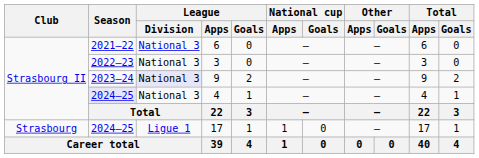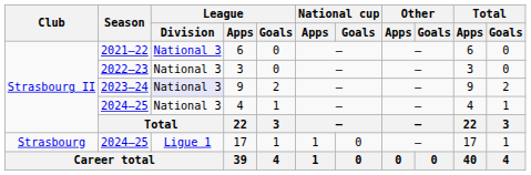 <table class="wikitable" style="text-align: center">
 <tr>
 <th rowspan="2">Club</th>
 <th rowspan="2">Season</th>
 <th colspan="3">League</th>
 <th colspan="2">National cup</th>
 <th colspan="2">Other</th>
 <th colspan="2">Total</th>
 </tr>
 <tr>
 <th>Division</th>
 <th>Apps</th>
 <th>Goals</th>
 <th>Apps</th>
 <th>Goals</th>
 <th>Apps</th>
 <th>Goals</th>
 <th>Apps</th>
 <th>Goals</th>
 </tr>
 <tr>
 <td rowspan="5"><a href='#'>Strasbourg II</a></td>
 <td><a href='#'>2021–22</a></td>
 <td><a href='#'>National 3</a></td>
 <td>6</td>
 <td>0</td>
 <td colspan="2">—</td>
 <td colspan="2">—</td>
 <td>6</td>
 <td>0</td>
 </tr>
 <tr>
 <td><a href='#'>2022–23</a></td>
 <td>National 3</td>
 <td>3</td>
 <td>0</td>
 <td colspan="2">—</td>
 <td colspan="2">—</td>
 <td>3</td>
 <td>0</td>
 </tr>
 <tr>
 <td><a href='#'>2023–24</a></td>
 <td style="background: lavender;">National 3</td>
 <td>9</td>
 <td>2</td>
 <td colspan="2">—</td>
 <td colspan="2">—</td>
 <td>9</td>
 <td>2</td>
 </tr>
 <tr>
-<td style="background: lavender;"><a href='#'>2024–25</a></td>
+<td><a href='#'>2024–25</a></td>
 <td>National 3</td>
 <td>4</td>
 <td>1</td>
 <td colspan="2">—</td>
 <td colspan="2">—</td>
 <td>4</td>
 <td>1</td>
 </tr>
 <tr>
 <th colspan="2">Total</th>
 <th>22</th>
 <th>3</th>
 <th colspan="2">—</th>
 <th colspan="2">—</th>
 <th>22</th>
 <th>3</th>
 </tr>
 <tr>
 <td><a href='#'>Strasbourg</a></td>
 <td><a href='#'>2024–25</a></td>
 <td><a href='#'>Ligue 1</a></td>
 <td>17</td>
 <td>1</td>
 <td>1</td>
 <td>0</td>
 <td colspan="2">—</td>
 <td>17</td>
 <td>1</td>
 </tr>
 <tr>
 <th colspan="3">Career total</th>
 <th>39</th>
 <th>4</th>
 <th>1</th>
 <th>0</th>
 <th>0</th>
 <th>0</th>
 <th>40</th>
 <th>4</th>
 </tr>
 </table>
